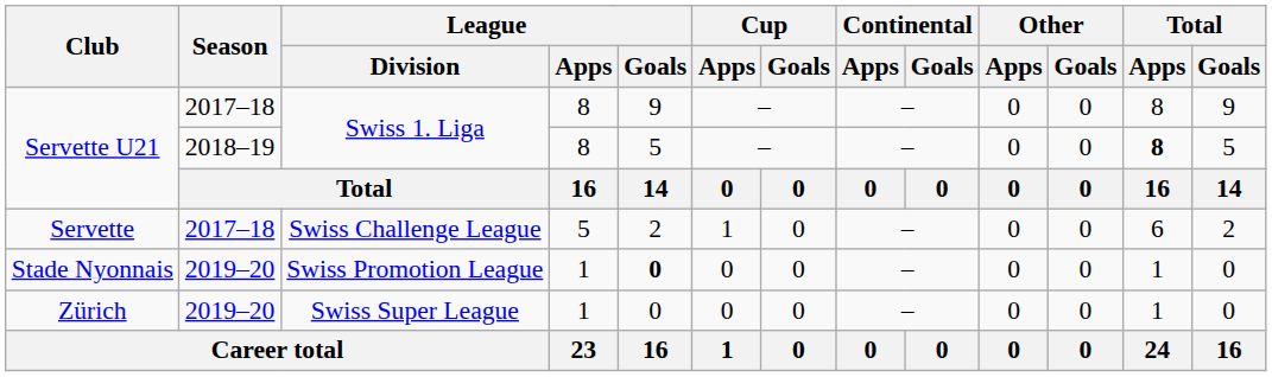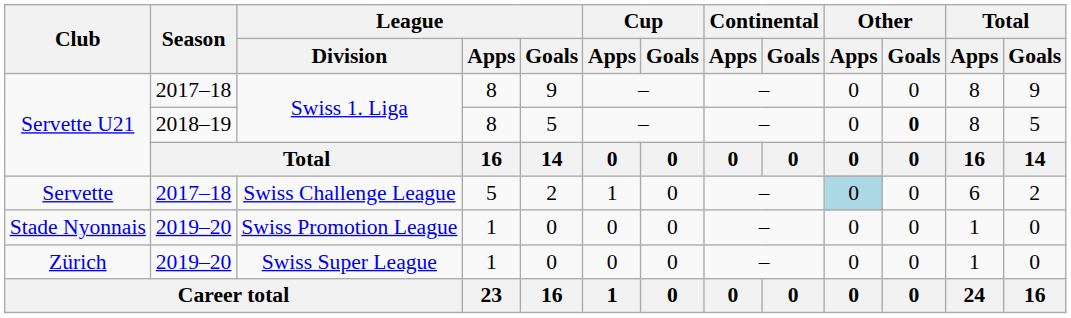 <table class="wikitable" style="text-align: center">
 <tr>
 <th rowspan="2">Club</th>
 <th rowspan="2">Season</th>
 <th colspan="3">League</th>
 <th colspan="2">Cup</th>
 <th colspan="2">Continental</th>
 <th colspan="2">Other</th>
 <th colspan="2">Total</th>
 </tr>
 <tr>
 <th>Division</th>
 <th>Apps</th>
 <th>Goals</th>
 <th>Apps</th>
 <th>Goals</th>
 <th>Apps</th>
 <th>Goals</th>
 <th>Apps</th>
 <th>Goals</th>
 <th>Apps</th>
 <th>Goals</th>
 </tr>
 <tr>
 <td rowspan="3"><a href='#'>Servette U21</a></td>
 <td>2017–18</td>
 <td rowspan="2"><a href='#'>Swiss 1. Liga</a></td>
 <td>8</td>
 <td>9</td>
 <td colspan="2">–</td>
 <td colspan="2">–</td>
 <td>0</td>
 <td>0</td>
 <td>8</td>
 <td>9</td>
 </tr>
 <tr>
 <td>2018–19</td>
 <td>8</td>
 <td>5</td>
 <td colspan="2">–</td>
 <td colspan="2">–</td>
 <td>0</td>
-<td>0</td>
-<td><strong>8</strong></td>
+<td><strong>0</strong></td>
+<td>8</td>
 <td>5</td>
 </tr>
 <tr>
 <th colspan="2">Total</th>
 <th>16</th>
 <th>14</th>
 <th>0</th>
 <th>0</th>
 <th>0</th>
 <th>0</th>
 <th>0</th>
 <th>0</th>
 <th>16</th>
 <th>14</th>
 </tr>
 <tr>
 <td><a href='#'>Servette</a></td>
 <td><a href='#'>2017–18</a></td>
 <td><a href='#'>Swiss Challenge League</a></td>
 <td>5</td>
 <td>2</td>
 <td>1</td>
 <td>0</td>
 <td colspan="2">–</td>
-<td>0</td>
+<td style="background: lightblue;">0</td>
 <td>0</td>
 <td>6</td>
 <td>2</td>
 </tr>
 <tr>
 <td><a href='#'>Stade Nyonnais</a></td>
 <td><a href='#'>2019–20</a></td>
 <td><a href='#'>Swiss Promotion League</a></td>
 <td>1</td>
-<td><strong>0</strong></td>
+<td>0</td>
 <td>0</td>
 <td>0</td>
 <td colspan="2">–</td>
 <td>0</td>
 <td>0</td>
 <td>1</td>
 <td>0</td>
 </tr>
 <tr>
 <td><a href='#'>Zürich</a></td>
 <td><a href='#'>2019–20</a></td>
 <td><a href='#'>Swiss Super League</a></td>
 <td>1</td>
 <td>0</td>
 <td>0</td>
 <td>0</td>
 <td colspan="2">–</td>
 <td>0</td>
 <td>0</td>
 <td>1</td>
 <td>0</td>
 </tr>
 <tr>
 <th colspan="3">Career total</th>
 <th>23</th>
 <th>16</th>
 <th>1</th>
 <th>0</th>
 <th>0</th>
 <th>0</th>
 <th>0</th>
 <th>0</th>
 <th>24</th>
 <th>16</th>
 </tr>
 </table>
